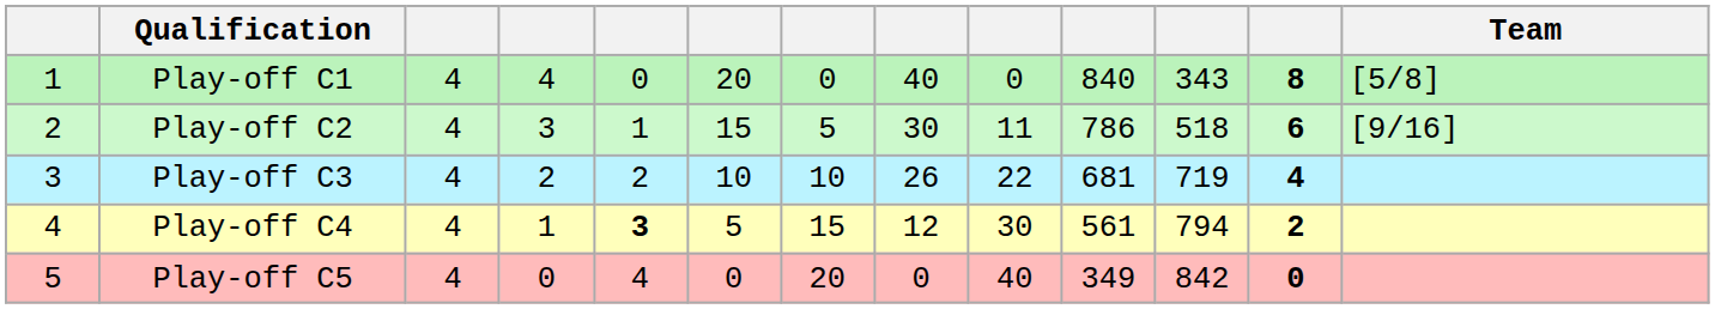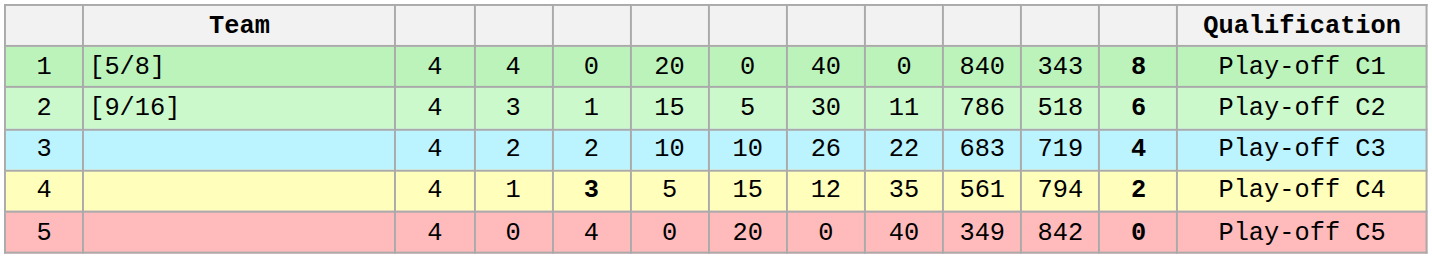 <table class=wikitable style="text-align:center" width=730>
 <tr>
 <th width=5.5%></th>
-<th width=18%>Qualification</th>
+<th width=22%>Team</th>
 <th width=5.5%></th>
 <th width=5.5%></th>
 <th width=5.5%></th>
 <th width=5.5%></th>
 <th width=5.5%></th>
 <th width=5.5%></th>
 <th width=5.5%></th>
 <th width=5.5%></th>
 <th width=5.5%></th>
 <th width=5.5%></th>
-<th width=22%>Team</th>
+<th width=18%>Qualification</th>
 </tr>
 <tr bgcolor=#bbf3bb>
 <td>1</td>
-<td>Play-off C1</td>
+<td style="text-align:left"> [5/8]</td>
 <td>4</td>
 <td>4</td>
 <td>0</td>
 <td>20</td>
 <td>0</td>
 <td>40</td>
 <td>0</td>
 <td>840</td>
 <td>343</td>
 <td><strong>8</strong></td>
-<td style="text-align:left"> [5/8]</td>
+<td>Play-off C1</td>
 </tr>
 <tr bgcolor=#ccf9cc>
 <td>2</td>
-<td>Play-off C2</td>
+<td style="text-align:left"> [9/16]</td>
 <td>4</td>
 <td>3</td>
 <td>1</td>
 <td>15</td>
 <td>5</td>
 <td>30</td>
 <td>11</td>
 <td>786</td>
 <td>518</td>
 <td><strong>6</strong></td>
-<td style="text-align:left"> [9/16]</td>
+<td>Play-off C2</td>
 </tr>
 <tr bgcolor=#bbf3ff>
 <td>3</td>
-<td>Play-off C3</td>
+<td style="text-align:left"></td>
 <td>4</td>
 <td>2</td>
 <td>2</td>
 <td>10</td>
 <td>10</td>
 <td>26</td>
 <td>22</td>
-<td>681</td>
+<td>683</td>
 <td>719</td>
 <td><strong>4</strong></td>
-<td style="text-align:left"></td>
+<td>Play-off C3</td>
 </tr>
 <tr bgcolor=#ffffbb>
 <td>4</td>
-<td>Play-off C4</td>
+<td style="text-align:left"></td>
 <td>4</td>
 <td>1</td>
 <td><strong>3</strong></td>
 <td>5</td>
 <td>15</td>
 <td>12</td>
-<td>30</td>
+<td>35</td>
 <td>561</td>
 <td>794</td>
 <td><strong>2</strong></td>
-<td style="text-align:left"></td>
+<td>Play-off C4</td>
 </tr>
 <tr bgcolor=#ffbbbb>
 <td>5</td>
-<td>Play-off C5</td>
+<td style="text-align:left"></td>
 <td>4</td>
 <td>0</td>
 <td>4</td>
 <td>0</td>
 <td>20</td>
 <td>0</td>
 <td>40</td>
 <td>349</td>
 <td>842</td>
 <td><strong>0</strong></td>
-<td style="text-align:left"></td>
+<td>Play-off C5</td>
 </tr>
 </table>
